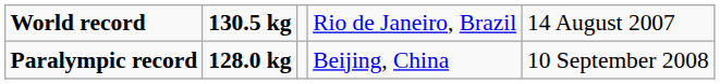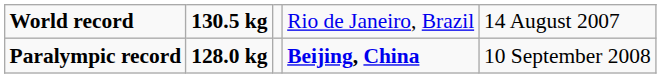 <table class="wikitable">
 <tr>
 <td><strong>World record</strong></td>
 <td><strong>130.5 kg</strong></td>
 <td></td>
 <td><a href='#'>Rio de Janeiro</a>, <a href='#'>Brazil</a></td>
 <td>14 August 2007</td>
 </tr>
 <tr>
 <td><strong>Paralympic record</strong></td>
 <td><strong>128.0 kg</strong></td>
 <td></td>
-<td><a href='#'>Beijing</a>, <a href='#'>China</a></td>
+<td><strong><a href='#'>Beijing</a>, <a href='#'>China</a></strong></td>
 <td>10 September 2008</td>
 </tr>
 </table>
